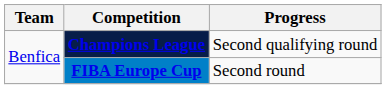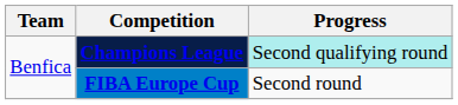 <table class="wikitable sortable">
 <tr>
 <th>Team</th>
 <th>Competition</th>
 <th>Progress</th>
 </tr>
 <tr>
 <td rowspan=2><a href='#'>Benfica</a></td>
 <td style="background-color:#071D49;color:#D0D3D4;text-align:center"><strong><a href='#'><span>Champions League</span></a></strong></td>
-<td>Second qualifying round</td>
+<td style="background: paleturquoise;">Second qualifying round</td>
 </tr>
 <tr>
 <td style="background-color:#0080C8;color:white;text-align:center"><strong><a href='#'><span>FIBA Europe Cup</span></a></strong></td>
 <td>Second round</td>
 </tr>
 <tr>
 </tr>
 </table>
